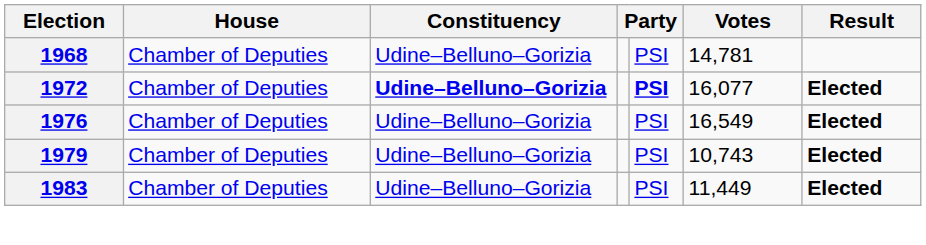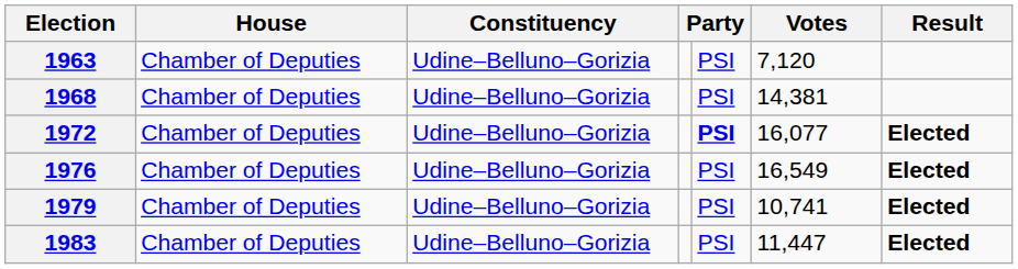 <table class=wikitable style="width:55%; border:1px #AAAAFF solid">
 <tr>
 <th width=12%>Election</th>
 <th width=25%>House</th>
 <th width=25%>Constituency</th>
 <th width=5% colspan="2">Party</th>
 <th width=12%>Votes</th>
 <th width=12%>Result</th>
 </tr>
 <tr>
+<th><a href='#'>1963</a></th>
+<td><a href='#'>Chamber of Deputies</a></td>
+<td><a href='#'>Udine–Belluno–Gorizia</a></td>
+<td></td>
+<td><a href='#'>PSI</a></td>
+<td>7,120</td>
+<td></td>
+</tr>
+<tr>
 <th><a href='#'>1968</a></th>
 <td><a href='#'>Chamber of Deputies</a></td>
 <td><a href='#'>Udine–Belluno–Gorizia</a></td>
 <td></td>
 <td><a href='#'>PSI</a></td>
-<td>14,781</td>
+<td>14,381</td>
 <td></td>
 </tr>
 <tr>
 <th><a href='#'>1972</a></th>
 <td><a href='#'>Chamber of Deputies</a></td>
-<td><strong><a href='#'>Udine–Belluno–Gorizia</a></strong></td>
+<td><a href='#'>Udine–Belluno–Gorizia</a></td>
 <td></td>
 <td><strong><a href='#'>PSI</a></strong></td>
 <td>16,077</td>
 <td> <strong>Elected</strong></td>
 </tr>
 <tr>
 <th><a href='#'>1976</a></th>
 <td><a href='#'>Chamber of Deputies</a></td>
 <td><a href='#'>Udine–Belluno–Gorizia</a></td>
 <td></td>
 <td><a href='#'>PSI</a></td>
 <td>16,549</td>
 <td> <strong>Elected</strong></td>
 </tr>
 <tr>
 <th><a href='#'>1979</a></th>
 <td><a href='#'>Chamber of Deputies</a></td>
 <td><a href='#'>Udine–Belluno–Gorizia</a></td>
 <td></td>
 <td><a href='#'>PSI</a></td>
-<td>10,743</td>
+<td>10,741</td>
 <td> <strong>Elected</strong></td>
 </tr>
 <tr>
 <th><a href='#'>1983</a></th>
 <td><a href='#'>Chamber of Deputies</a></td>
 <td><a href='#'>Udine–Belluno–Gorizia</a></td>
 <td></td>
 <td><a href='#'>PSI</a></td>
-<td>11,449</td>
+<td>11,447</td>
 <td> <strong>Elected</strong></td>
 </tr>
 </table>
